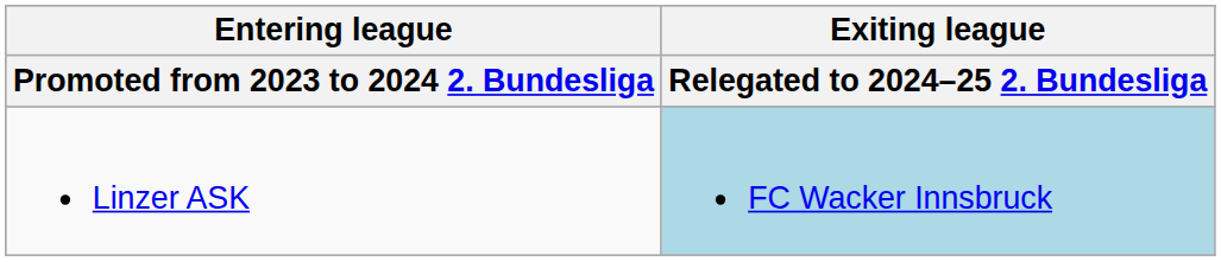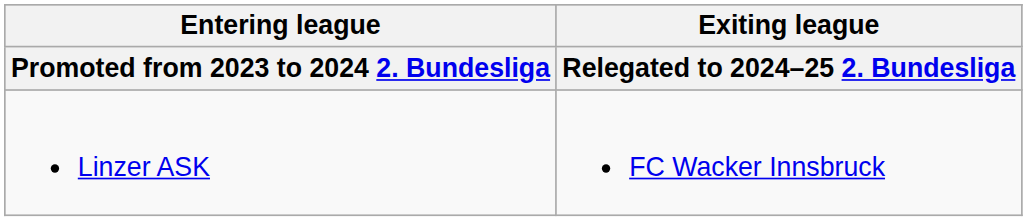 <table class="wikitable">
 <tr>
 <th>Entering league</th>
 <th>Exiting league</th>
 </tr>
 <tr>
 <th>Promoted from 2023 to 2024 <a href='#'>2. Bundesliga</a></th>
 <th>Relegated to 2024–25 <a href='#'>2. Bundesliga</a></th>
 </tr>
 <tr style="vertical-align:top;">
 <td><br><ul><li><a href='#'>Linzer ASK</a></li></ul></td>
-<td style="background: lightblue;"><br><ul><li><a href='#'>FC Wacker Innsbruck</a></li></ul></td>
+<td><br><ul><li><a href='#'>FC Wacker Innsbruck</a></li></ul></td>
 </tr>
 </table>
